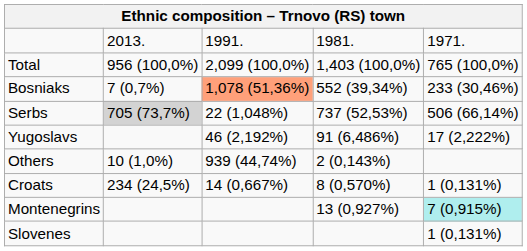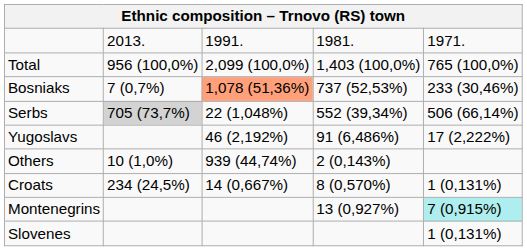 <table class="wikitable">
 <tr>
 <th colspan="8">Ethnic composition – Trnovo (RS) town</th>
 </tr>
 <tr>
 <td></td>
 <td>2013.</td>
 <td>1991.</td>
 <td>1981.</td>
 <td>1971.</td>
 </tr>
 <tr>
 <td>Total</td>
 <td>956 (100,0%)</td>
 <td>2,099 (100,0%)</td>
 <td>1,403 (100,0%)</td>
 <td>765 (100,0%)</td>
 </tr>
 <tr>
 <td>Bosniaks</td>
 <td>7 (0,7%)</td>
 <td style="background: lightsalmon;">1,078 (51,36%)</td>
-<td>552 (39,34%)</td>
+<td>737 (52,53%)</td>
 <td>233 (30,46%)</td>
 </tr>
 <tr>
 <td>Serbs</td>
 <td style="background: lightgrey;">705 (73,7%)</td>
 <td>22 (1,048%)</td>
-<td>737 (52,53%)</td>
+<td>552 (39,34%)</td>
 <td>506 (66,14%)</td>
 </tr>
 <tr>
 <td>Yugoslavs</td>
 <td></td>
 <td>46 (2,192%)</td>
 <td>91 (6,486%)</td>
 <td>17 (2,222%)</td>
 </tr>
 <tr>
 <td>Others</td>
 <td>10 (1,0%)</td>
 <td>939 (44,74%)</td>
 <td>2 (0,143%)</td>
 <td></td>
 </tr>
 <tr>
 <td>Croats</td>
 <td>234 (24,5%)</td>
 <td>14 (0,667%)</td>
 <td>8 (0,570%)</td>
 <td>1 (0,131%)</td>
 </tr>
 <tr>
 <td>Montenegrins</td>
 <td></td>
 <td></td>
 <td>13 (0,927%)</td>
 <td style="background: paleturquoise;">7 (0,915%)</td>
 </tr>
 <tr>
 <td>Slovenes</td>
 <td></td>
 <td></td>
 <td></td>
 <td>1 (0,131%)</td>
 </tr>
 </table>
